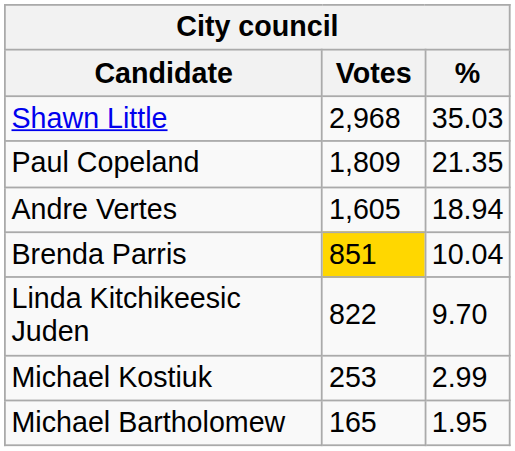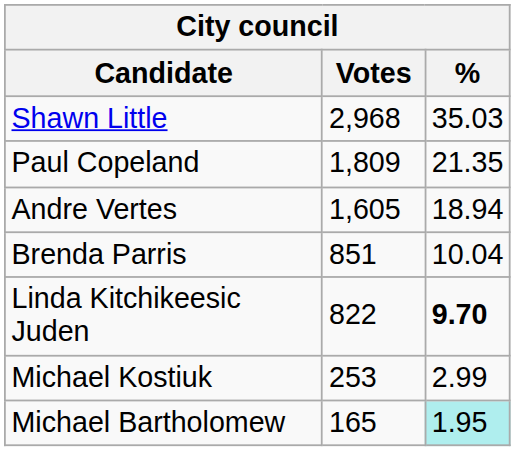 <table class="wikitable">
 <tr>
 <th colspan="3">City council</th>
 </tr>
 <tr>
 <th style="width: 170px">Candidate</th>
 <th style="width: 50px">Votes</th>
 <th style="width: 40px">%</th>
 </tr>
 <tr>
 <td><a href='#'>Shawn Little</a></td>
 <td>2,968</td>
 <td>35.03</td>
 </tr>
 <tr>
 <td>Paul Copeland</td>
 <td>1,809</td>
 <td>21.35</td>
 </tr>
 <tr>
 <td>Andre Vertes</td>
 <td>1,605</td>
 <td>18.94</td>
 </tr>
 <tr>
 <td>Brenda Parris</td>
-<td style="background: gold;">851</td>
+<td>851</td>
 <td>10.04</td>
 </tr>
 <tr>
 <td>Linda Kitchikeesic Juden</td>
 <td>822</td>
-<td>9.70</td>
+<td><strong>9.70</strong></td>
 </tr>
 <tr>
 <td>Michael Kostiuk</td>
 <td>253</td>
 <td>2.99</td>
 </tr>
 <tr>
 <td>Michael Bartholomew</td>
 <td>165</td>
-<td>1.95</td>
+<td style="background: paleturquoise;">1.95</td>
 </tr>
 </table>
